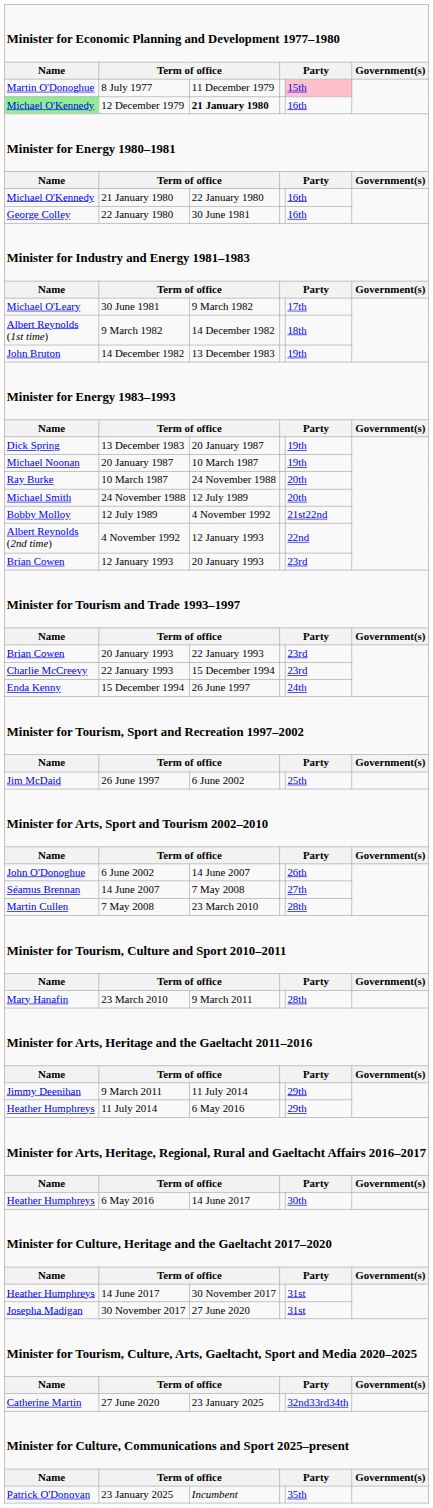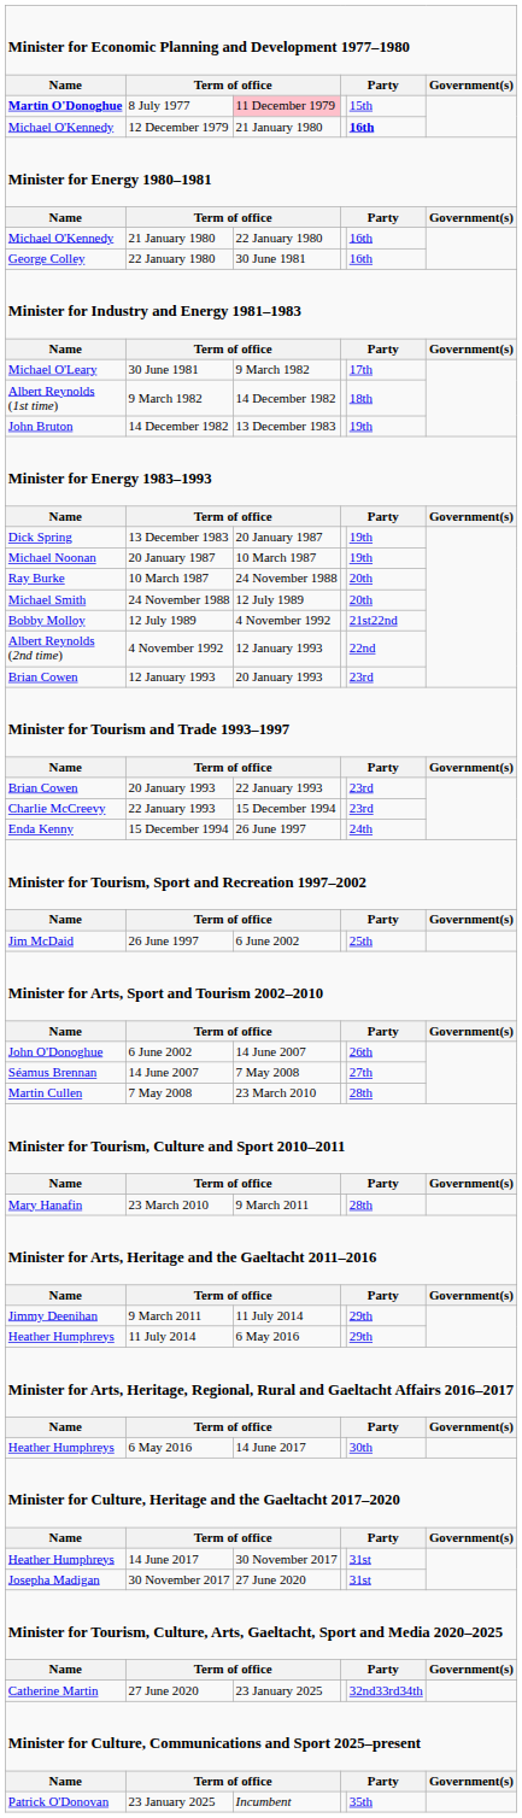 <table class="wikitable">
 <tr>
 <td colspan=6><br><h3>Minister for Economic Planning and Development 1977–1980</h3></td>
 </tr>
 <tr>
 <th>Name</th>
 <th colspan="2">Term of office</th>
 <th colspan="2">Party</th>
 <th>Government(s)</th>
 </tr>
 <tr>
-<td><a href='#'>Martin O'Donoghue</a></td>
+<td><strong><a href='#'>Martin O'Donoghue</a></strong></td>
 <td>8 July 1977</td>
-<td>11 December 1979</td>
+<td style="background: pink;">11 December 1979</td>
 <td></td>
-<td style="background: pink;"><a href='#'>15th</a></td>
+<td><a href='#'>15th</a></td>
 </tr>
 <tr>
-<td style="background: lightgreen;"><a href='#'>Michael O'Kennedy</a></td>
+<td><a href='#'>Michael O'Kennedy</a></td>
 <td>12 December 1979</td>
-<td><strong>21 January 1980</strong></td>
+<td>21 January 1980</td>
 <td></td>
-<td><a href='#'>16th</a></td>
+<td><strong><a href='#'>16th</a></strong></td>
 </tr>
 <tr>
 <td colspan=6><br><h3>Minister for Energy 1980–1981</h3></td>
 </tr>
 <tr>
 <th>Name</th>
 <th colspan="2">Term of office</th>
 <th colspan="2">Party</th>
 <th>Government(s)</th>
 </tr>
 <tr>
 <td><a href='#'>Michael O'Kennedy</a></td>
 <td>21 January 1980</td>
 <td>22 January 1980</td>
 <td></td>
 <td><a href='#'>16th</a></td>
 </tr>
 <tr>
 <td><a href='#'>George Colley</a></td>
 <td>22 January 1980</td>
 <td>30 June 1981</td>
 <td></td>
 <td><a href='#'>16th</a></td>
 </tr>
 <tr>
 <td colspan=6><br><h3>Minister for Industry and Energy 1981–1983</h3></td>
 </tr>
 <tr>
 <th>Name</th>
 <th colspan="2">Term of office</th>
 <th colspan="2">Party</th>
 <th>Government(s)</th>
 </tr>
 <tr>
 <td><a href='#'>Michael O'Leary</a></td>
 <td>30 June 1981</td>
 <td>9 March 1982</td>
 <td></td>
 <td><a href='#'>17th</a></td>
 </tr>
 <tr>
 <td><a href='#'>Albert Reynolds</a><br>(<em>1st time</em>)</td>
 <td>9 March 1982</td>
 <td>14 December 1982</td>
 <td></td>
 <td><a href='#'>18th</a></td>
 </tr>
 <tr>
 <td><a href='#'>John Bruton</a></td>
 <td>14 December 1982</td>
 <td>13 December 1983</td>
 <td></td>
 <td><a href='#'>19th</a></td>
 </tr>
 <tr>
 <td colspan=6><br><h3>Minister for Energy 1983–1993</h3></td>
 </tr>
 <tr>
 <th>Name</th>
 <th colspan="2">Term of office</th>
 <th colspan="2">Party</th>
 <th>Government(s)</th>
 </tr>
 <tr>
 <td><a href='#'>Dick Spring</a></td>
 <td>13 December 1983</td>
 <td>20 January 1987</td>
 <td></td>
 <td><a href='#'>19th</a></td>
 </tr>
 <tr>
 <td><a href='#'>Michael Noonan</a></td>
 <td>20 January 1987</td>
 <td>10 March 1987</td>
 <td></td>
 <td><a href='#'>19th</a></td>
 </tr>
 <tr>
 <td><a href='#'>Ray Burke</a></td>
 <td>10 March 1987</td>
 <td>24 November 1988</td>
 <td></td>
 <td><a href='#'>20th</a></td>
 </tr>
 <tr>
 <td><a href='#'>Michael Smith</a></td>
 <td>24 November 1988</td>
 <td>12 July 1989</td>
 <td></td>
 <td><a href='#'>20th</a></td>
 </tr>
 <tr>
 <td><a href='#'>Bobby Molloy</a></td>
 <td>12 July 1989</td>
 <td>4 November 1992</td>
 <td></td>
 <td><a href='#'>21st</a><a href='#'>22nd</a></td>
 </tr>
 <tr>
 <td><a href='#'>Albert Reynolds</a><br>(<em>2nd time</em>)</td>
 <td>4 November 1992</td>
 <td>12 January 1993</td>
 <td></td>
 <td><a href='#'>22nd</a></td>
 </tr>
 <tr>
 <td><a href='#'>Brian Cowen</a></td>
 <td>12 January 1993</td>
 <td>20 January 1993</td>
 <td></td>
 <td><a href='#'>23rd</a></td>
 </tr>
 <tr>
 <td colspan=6><br><h3>Minister for Tourism and Trade 1993–1997</h3></td>
 </tr>
 <tr>
 <th>Name</th>
 <th colspan="2">Term of office</th>
 <th colspan="2">Party</th>
 <th>Government(s)</th>
 </tr>
 <tr>
 <td><a href='#'>Brian Cowen</a></td>
 <td>20 January 1993</td>
 <td>22 January 1993</td>
 <td></td>
 <td><a href='#'>23rd</a></td>
 </tr>
 <tr>
 <td><a href='#'>Charlie McCreevy</a></td>
 <td>22 January 1993</td>
 <td>15 December 1994</td>
 <td></td>
 <td><a href='#'>23rd</a></td>
 </tr>
 <tr>
 <td><a href='#'>Enda Kenny</a></td>
 <td>15 December 1994</td>
 <td>26 June 1997</td>
 <td></td>
 <td><a href='#'>24th</a></td>
 </tr>
 <tr>
 <td colspan=6><br><h3>Minister for Tourism, Sport and Recreation 1997–2002</h3></td>
 </tr>
 <tr>
 <th>Name</th>
 <th colspan="2">Term of office</th>
 <th colspan="2">Party</th>
 <th>Government(s)</th>
 </tr>
 <tr>
 <td><a href='#'>Jim McDaid</a></td>
 <td>26 June 1997</td>
 <td>6 June 2002</td>
 <td></td>
 <td><a href='#'>25th</a></td>
 </tr>
 <tr>
 <td colspan=6><br><h3>Minister for Arts, Sport and Tourism 2002–2010</h3></td>
 </tr>
 <tr>
 <th>Name</th>
 <th colspan="2">Term of office</th>
 <th colspan="2">Party</th>
 <th>Government(s)</th>
 </tr>
 <tr>
 <td><a href='#'>John O'Donoghue</a></td>
 <td>6 June 2002</td>
 <td>14 June 2007</td>
 <td></td>
 <td><a href='#'>26th</a></td>
 </tr>
 <tr>
 <td><a href='#'>Séamus Brennan</a></td>
 <td>14 June 2007</td>
 <td>7 May 2008</td>
 <td></td>
 <td><a href='#'>27th</a></td>
 </tr>
 <tr>
 <td><a href='#'>Martin Cullen</a></td>
 <td>7 May 2008</td>
 <td>23 March 2010</td>
 <td></td>
 <td><a href='#'>28th</a></td>
 </tr>
 <tr>
 <td colspan=6><br><h3>Minister for Tourism, Culture and Sport 2010–2011</h3></td>
 </tr>
 <tr>
 <th>Name</th>
 <th colspan="2">Term of office</th>
 <th colspan="2">Party</th>
 <th>Government(s)</th>
 </tr>
 <tr>
 <td><a href='#'>Mary Hanafin</a></td>
 <td>23 March 2010</td>
 <td>9 March 2011</td>
 <td></td>
 <td><a href='#'>28th</a></td>
 </tr>
 <tr>
 <td colspan=6><br><h3>Minister for Arts, Heritage and the Gaeltacht 2011–2016</h3></td>
 </tr>
 <tr>
 <th>Name</th>
 <th colspan="2">Term of office</th>
 <th colspan="2">Party</th>
 <th>Government(s)</th>
 </tr>
 <tr>
 <td><a href='#'>Jimmy Deenihan</a></td>
 <td>9 March 2011</td>
 <td>11 July 2014</td>
 <td></td>
 <td><a href='#'>29th</a></td>
 </tr>
 <tr>
 <td><a href='#'>Heather Humphreys</a></td>
 <td>11 July 2014</td>
 <td>6 May 2016</td>
 <td></td>
 <td><a href='#'>29th</a></td>
 </tr>
 <tr>
 <td colspan=6><br><h3>Minister for Arts, Heritage, Regional, Rural and Gaeltacht Affairs 2016–2017</h3></td>
 </tr>
 <tr>
 <th>Name</th>
 <th colspan="2">Term of office</th>
 <th colspan="2">Party</th>
 <th>Government(s)</th>
 </tr>
 <tr>
 <td><a href='#'>Heather Humphreys</a></td>
 <td>6 May 2016</td>
 <td>14 June 2017</td>
 <td></td>
 <td><a href='#'>30th</a></td>
 </tr>
 <tr>
 <td colspan=6><br><h3>Minister for Culture, Heritage and the Gaeltacht 2017–2020</h3></td>
 </tr>
 <tr>
 <th>Name</th>
 <th colspan="2">Term of office</th>
 <th colspan="2">Party</th>
 <th>Government(s)</th>
 </tr>
 <tr>
 <td><a href='#'>Heather Humphreys</a></td>
 <td>14 June 2017</td>
 <td>30 November 2017</td>
 <td></td>
 <td><a href='#'>31st</a></td>
 </tr>
 <tr>
 <td><a href='#'>Josepha Madigan</a></td>
 <td>30 November 2017</td>
 <td>27 June 2020</td>
 <td></td>
 <td><a href='#'>31st</a></td>
 </tr>
 <tr>
 <td colspan=6><br><h3>Minister for Tourism, Culture, Arts, Gaeltacht, Sport and Media 2020–2025</h3></td>
 </tr>
 <tr>
 <th>Name</th>
 <th colspan="2">Term of office</th>
 <th colspan="2">Party</th>
 <th>Government(s)</th>
 </tr>
 <tr>
 <td><a href='#'>Catherine Martin</a></td>
 <td>27 June 2020</td>
 <td>23 January 2025</td>
 <td></td>
 <td><a href='#'>32nd</a><a href='#'>33rd</a><a href='#'>34th</a></td>
 </tr>
 <tr>
 <td colspan=6><br><h3>Minister for Culture, Communications and Sport 2025–present</h3></td>
 </tr>
 <tr>
 <th>Name</th>
 <th colspan="2">Term of office</th>
 <th colspan="2">Party</th>
 <th>Government(s)</th>
 </tr>
 <tr>
 <td><a href='#'>Patrick O'Donovan</a></td>
 <td>23 January 2025</td>
 <td><em>Incumbent</em></td>
 <td></td>
 <td><a href='#'>35th</a></td>
 </tr>
 </table>
